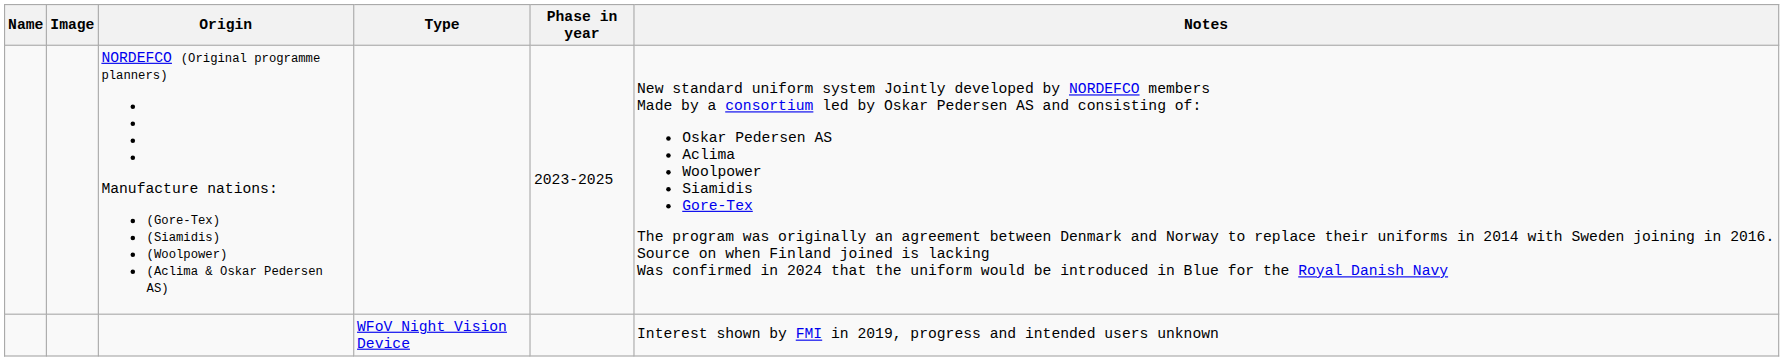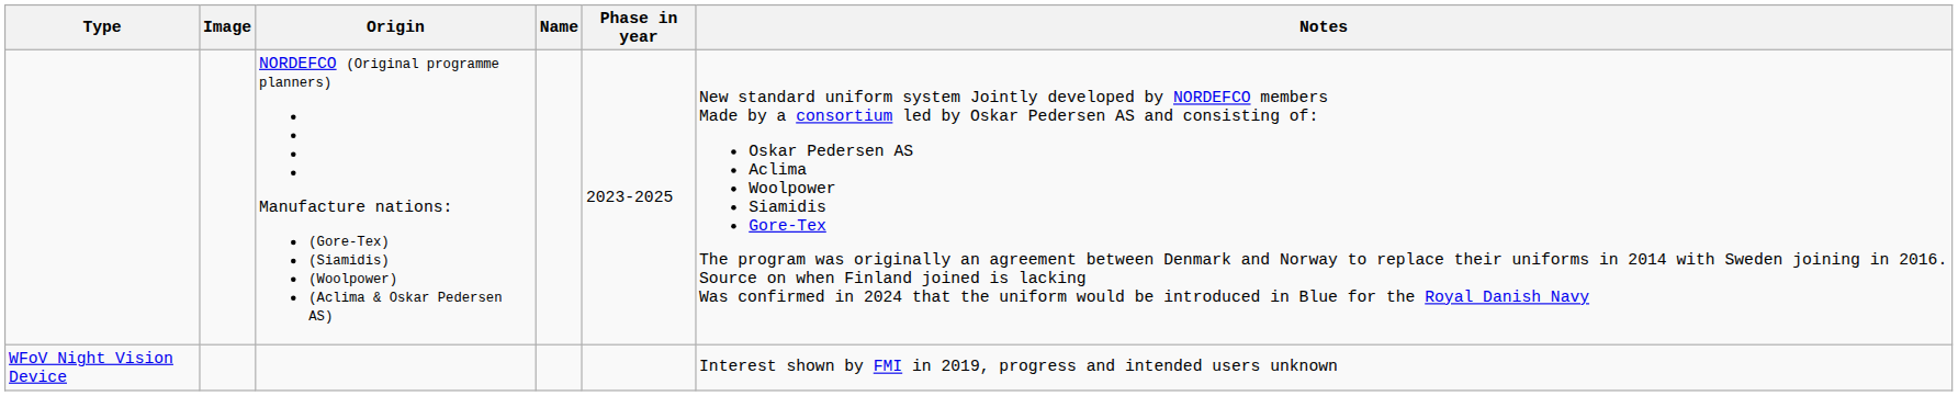 <table class="wikitable">
 <tr>
-<th>Name</th>
+<th>Type</th>
 <th>Image</th>
 <th>Origin</th>
-<th>Type</th>
+<th>Name</th>
 <th>Phase in year</th>
 <th>Notes</th>
 </tr>
 <tr>
 <td></td>
 <td></td>
 <td><a href='#'>NORDEFCO</a> <small>(Original programme planners)</small><br><ul><li></li><li></li><li></li><li></li></ul>Manufacture nations:<ul><li> <small>(Gore-Tex)</small></li><li> <small>(Siamidis)</small></li><li> <small>(Woolpower)</small></li><li> <small>(Aclima & Oskar Pedersen AS)</small></li></ul></td>
 <td></td>
 <td>2023-2025</td>
 <td>New standard uniform system Jointly developed by <a href='#'>NORDEFCO</a> members<br>Made by a <a href='#'>consortium</a> led by Oskar Pedersen AS and consisting of:<ul><li>Oskar Pedersen AS</li><li>Aclima</li><li>Woolpower</li><li>Siamidis</li><li><a href='#'>Gore-Tex</a></li></ul>The program was originally an agreement between Denmark and Norway to replace their uniforms in 2014 with Sweden joining in 2016. Source on when Finland joined is lacking<br>Was confirmed in 2024 that the uniform would be introduced in Blue for the <a href='#'>Royal Danish Navy</a></td>
 </tr>
 <tr>
+<td><a href='#'>WFoV Night Vision Device</a></td>
 <td></td>
 <td></td>
 <td></td>
-<td><a href='#'>WFoV Night Vision Device</a></td>
 <td></td>
 <td>Interest shown by <a href='#'>FMI</a> in 2019, progress and intended users unknown</td>
 </tr>
 </table>
